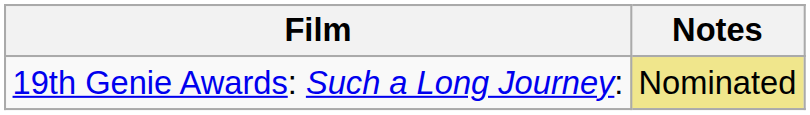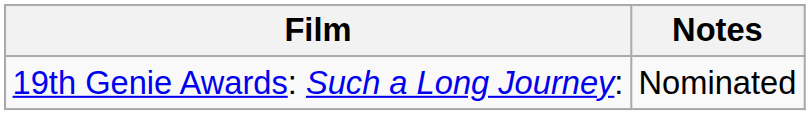 <table class="wikitable">
 <tr>
 <th>Film</th>
 <th>Notes</th>
 </tr>
 <tr>
 <td><a href='#'>19th Genie Awards</a>: <em><a href='#'>Such a Long Journey</a></em>:</td>
-<td style="background: khaki;">Nominated</td>
+<td>Nominated</td>
 </tr>
 </table>
